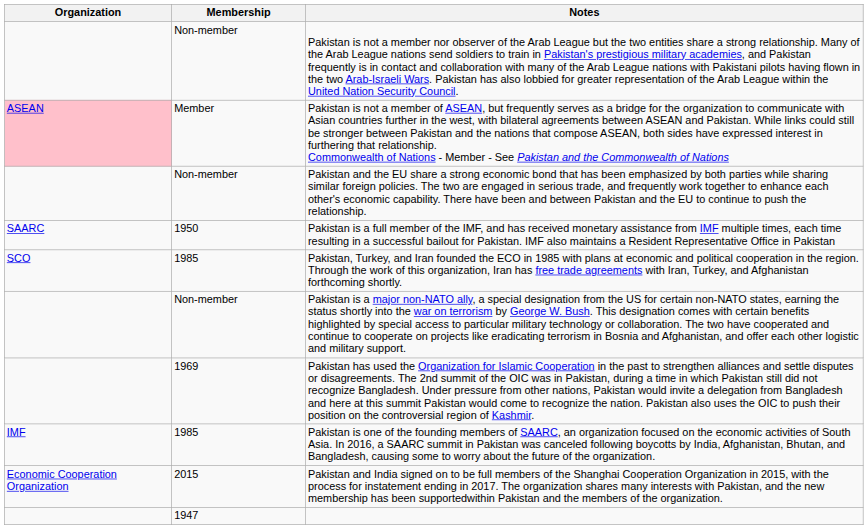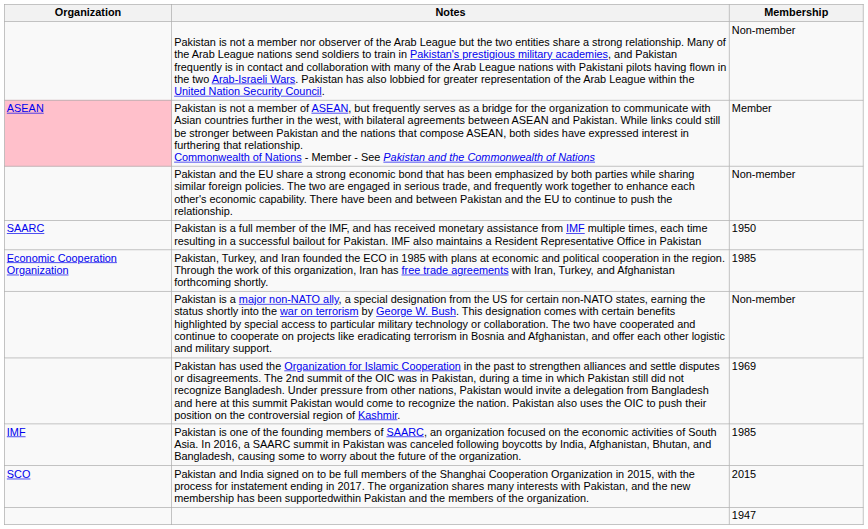 <table class="wikitable sortable" style="width:100%; margin:auto;">
 <tr>
 <th style="width:15%;">Organization</th>
+<th style="width:50%;">Notes</th>
 <th style="width:12%;">Membership</th>
-<th style="width:50%;">Notes</th>
 </tr>
 <tr valign="top">
 <td></td>
+<td><br>Pakistan is not a member nor observer of the Arab League but the two entities share a strong relationship.  Many of the Arab League nations send soldiers to train in <a href='#'>Pakistan's prestigious military academies</a>, and Pakistan frequently is in contact and collaboration with many of the Arab League nations with Pakistani pilots having flown in the two <a href='#'>Arab-Israeli Wars</a>. Pakistan has also lobbied for greater representation of the Arab League within the <a href='#'>United Nation Security Council</a>.</td>
 <td>Non-member</td>
-<td><br>Pakistan is not a member nor observer of the Arab League but the two entities share a strong relationship.  Many of the Arab League nations send soldiers to train in <a href='#'>Pakistan's prestigious military academies</a>, and Pakistan frequently is in contact and collaboration with many of the Arab League nations with Pakistani pilots having flown in the two <a href='#'>Arab-Israeli Wars</a>. Pakistan has also lobbied for greater representation of the Arab League within the <a href='#'>United Nation Security Council</a>.</td>
 </tr>
 <tr valign="top">
 <td style="background: pink;"><a href='#'>ASEAN</a></td>
+<td>Pakistan is not a member of <a href='#'>ASEAN</a>, but frequently serves as a bridge for the organization to communicate with Asian countries further in the west, with bilateral agreements between ASEAN and Pakistan. While links could still be stronger between Pakistan and the nations that compose ASEAN, both sides have expressed interest in furthering that relationship.<br><a href='#'>Commonwealth of Nations</a> - Member - See <em><a href='#'>Pakistan and the Commonwealth of Nations</a></em></td>
 <td>Member</td>
-<td>Pakistan is not a member of <a href='#'>ASEAN</a>, but frequently serves as a bridge for the organization to communicate with Asian countries further in the west, with bilateral agreements between ASEAN and Pakistan. While links could still be stronger between Pakistan and the nations that compose ASEAN, both sides have expressed interest in furthering that relationship.<br><a href='#'>Commonwealth of Nations</a> - Member - See <em><a href='#'>Pakistan and the Commonwealth of Nations</a></em></td>
 </tr>
 <tr valign="top">
 <td></td>
+<td>Pakistan and the EU share a strong economic bond that has been emphasized by both parties while sharing similar foreign policies.  The two are engaged in serious trade, and frequently work together to enhance each other's economic capability. There have been   and  between Pakistan and the EU to continue to push the relationship.</td>
 <td>Non-member</td>
-<td>Pakistan and the EU share a strong economic bond that has been emphasized by both parties while sharing similar foreign policies.  The two are engaged in serious trade, and frequently work together to enhance each other's economic capability. There have been   and  between Pakistan and the EU to continue to push the relationship.</td>
 </tr>
 <tr valign="top">
 <td><a href='#'>SAARC</a></td>
+<td>Pakistan is a full member of the IMF, and has received monetary assistance from <a href='#'>IMF</a> multiple times, each time resulting in a successful bailout for Pakistan. IMF also maintains a Resident Representative Office in Pakistan</td>
 <td>1950</td>
-<td>Pakistan is a full member of the IMF, and has received monetary assistance from <a href='#'>IMF</a> multiple times, each time resulting in a successful bailout for Pakistan. IMF also maintains a Resident Representative Office in Pakistan</td>
+</tr>
+<tr valign="top">
+<td><a href='#'>Economic Cooperation Organization</a></td>
+<td>Pakistan, Turkey, and Iran founded the ECO in 1985 with plans at economic and political cooperation in the region. Through the work of this organization, Iran has <a href='#'>free trade agreements</a> with Iran, Turkey, and Afghanistan forthcoming shortly.</td>
+<td>1985</td>
+</tr>
+<tr valign="top">
+<td></td>
+<td>Pakistan is a <a href='#'>major non-NATO ally</a>, a special designation from the US for certain non-NATO states, earning the status shortly into the <a href='#'>war on terrorism</a> by <a href='#'>George W. Bush</a>. This designation comes with certain benefits highlighted by special access to particular military technology or collaboration. The two have cooperated and continue to cooperate on projects like eradicating terrorism in Bosnia and Afghanistan, and offer each other logistic and military support.</td>
+<td>Non-member</td>
+</tr>
+<tr valign="top">
+<td></td>
+<td>Pakistan has used the <a href='#'>Organization for Islamic Cooperation</a> in the past to strengthen alliances and settle disputes or disagreements. The 2nd summit of the OIC was in Pakistan, during a time in which Pakistan still did not recognize Bangladesh. Under pressure from other nations, Pakistan would invite a delegation from Bangladesh and here at this summit Pakistan would come to recognize the nation. Pakistan also uses the OIC to push their position on the controversial region of <a href='#'>Kashmir</a>.</td>
+<td>1969</td>
+</tr>
+<tr valign="top">
+<td><a href='#'>IMF</a></td>
+<td>Pakistan is one of the founding members of <a href='#'>SAARC</a>, an organization focused on the economic activities of South Asia. In 2016, a SAARC summit in Pakistan was canceled following boycotts by India, Afghanistan, Bhutan, and Bangladesh, causing some to worry about the future of the organization.</td>
+<td>1985</td>
 </tr>
 <tr valign="top">
 <td><a href='#'>SCO</a></td>
-<td>1985</td>
-<td>Pakistan, Turkey, and Iran founded the ECO in 1985 with plans at economic and political cooperation in the region. Through the work of this organization, Iran has <a href='#'>free trade agreements</a> with Iran, Turkey, and Afghanistan forthcoming shortly.</td>
+<td>Pakistan and India signed on to be full members of the Shanghai Cooperation Organization in 2015, with the process for instatement ending in 2017.  The organization shares many interests with Pakistan, and the new membership has been supportedwithin Pakistan and the members of the organization.</td>
+<td>2015</td>
 </tr>
 <tr valign="top">
 <td></td>
-<td>Non-member</td>
-<td>Pakistan is a <a href='#'>major non-NATO ally</a>, a special designation from the US for certain non-NATO states, earning the status shortly into the <a href='#'>war on terrorism</a> by <a href='#'>George W. Bush</a>. This designation comes with certain benefits highlighted by special access to particular military technology or collaboration. The two have cooperated and continue to cooperate on projects like eradicating terrorism in Bosnia and Afghanistan, and offer each other logistic and military support.</td>
-</tr>
-<tr valign="top">
-<td></td>
-<td>1969</td>
-<td>Pakistan has used the <a href='#'>Organization for Islamic Cooperation</a> in the past to strengthen alliances and settle disputes or disagreements. The 2nd summit of the OIC was in Pakistan, during a time in which Pakistan still did not recognize Bangladesh. Under pressure from other nations, Pakistan would invite a delegation from Bangladesh and here at this summit Pakistan would come to recognize the nation. Pakistan also uses the OIC to push their position on the controversial region of <a href='#'>Kashmir</a>.</td>
-</tr>
-<tr valign="top">
-<td><a href='#'>IMF</a></td>
-<td>1985</td>
-<td>Pakistan is one of the founding members of <a href='#'>SAARC</a>, an organization focused on the economic activities of South Asia. In 2016, a SAARC summit in Pakistan was canceled following boycotts by India, Afghanistan, Bhutan, and Bangladesh, causing some to worry about the future of the organization.</td>
-</tr>
-<tr valign="top">
-<td><a href='#'>Economic Cooperation Organization</a></td>
-<td>2015</td>
-<td>Pakistan and India signed on to be full members of the Shanghai Cooperation Organization in 2015, with the process for instatement ending in 2017.  The organization shares many interests with Pakistan, and the new membership has been supportedwithin Pakistan and the members of the organization.</td>
-</tr>
-<tr valign="top">
 <td></td>
 <td>1947</td>
-<td></td>
 </tr>
 </table>
